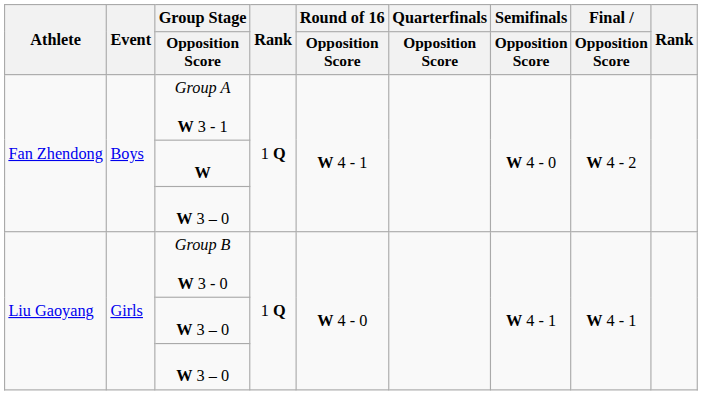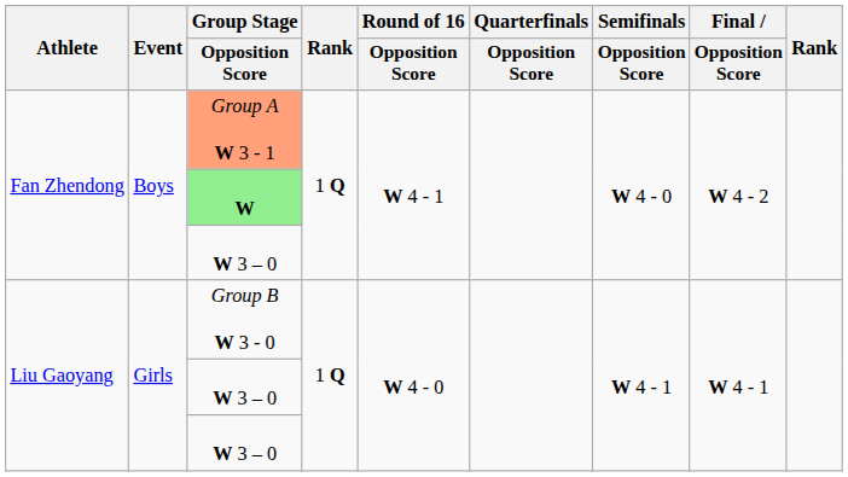 <table class=wikitable style="font-size:90%">
 <tr>
 <th rowspan="2">Athlete</th>
 <th rowspan="2">Event</th>
 <th>Group Stage</th>
 <th rowspan="2">Rank</th>
 <th>Round of 16</th>
 <th>Quarterfinals</th>
 <th>Semifinals</th>
 <th>Final / </th>
 <th rowspan=2>Rank</th>
 </tr>
 <tr style="font-size:95%">
 <th>Opposition<br>Score</th>
 <th>Opposition<br>Score</th>
 <th>Opposition<br>Score</th>
 <th>Opposition<br>Score</th>
 <th>Opposition<br>Score</th>
 </tr>
 <tr align=center>
 <td align=left rowspan=3><a href='#'>Fan Zhendong</a></td>
 <td align=left rowspan=3><a href='#'>Boys</a></td>
-<td><em>Group A</em><br><br><strong>W</strong> 3 - 1</td>
+<td style="background: lightsalmon;"><em>Group A</em><br><br><strong>W</strong> 3 - 1</td>
 <td rowspan=3>1 <strong>Q</strong></td>
 <td rowspan=3><br><strong>W</strong> 4 - 1</td>
 <td rowspan=3></td>
 <td rowspan=3><br><strong>W</strong> 4 - 0</td>
 <td rowspan=3><br><strong>W</strong> 4 - 2</td>
 <td rowspan=3></td>
 </tr>
 <tr align=center>
-<td><br><strong>W</strong></td>
+<td style="background: lightgreen;"><br><strong>W</strong></td>
 </tr>
 <tr align=center>
 <td><br><strong>W</strong> 3 – 0</td>
 </tr>
 <tr align=center>
 <td align=left rowspan=3><a href='#'>Liu Gaoyang</a></td>
 <td align=left rowspan=3><a href='#'>Girls</a></td>
 <td><em>Group B</em><br><br><strong>W</strong> 3 - 0</td>
 <td rowspan=3>1 <strong>Q</strong></td>
 <td rowspan=3><br><strong>W</strong> 4 - 0</td>
 <td rowspan=3></td>
 <td rowspan=3><br><strong>W</strong> 4 - 1</td>
 <td rowspan=3><br><strong>W</strong> 4 - 1</td>
 <td rowspan=3></td>
 </tr>
 <tr align=center>
 <td><br><strong>W</strong> 3 – 0</td>
 </tr>
 <tr align=center>
 <td><br><strong>W</strong> 3 – 0</td>
 </tr>
 </table>
